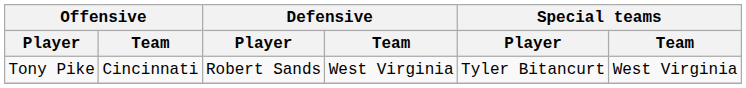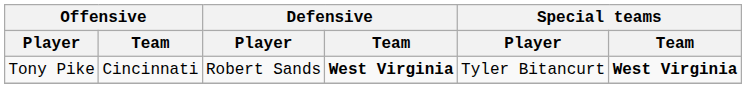 <table class="wikitable" border="1">
 <tr>
 <th colspan="2">Offensive</th>
 <th colspan="2">Defensive</th>
 <th colspan="2">Special teams</th>
 </tr>
 <tr>
 <th>Player</th>
 <th>Team</th>
 <th>Player</th>
 <th>Team</th>
 <th>Player</th>
 <th>Team</th>
 </tr>
 <tr>
 <td>Tony Pike</td>
 <td>Cincinnati</td>
 <td>Robert Sands</td>
-<td>West Virginia</td>
+<td><strong>West Virginia</strong></td>
 <td>Tyler Bitancurt</td>
-<td>West Virginia</td>
+<td><strong>West Virginia</strong></td>
 </tr>
 <tr>
 </tr>
 </table>
